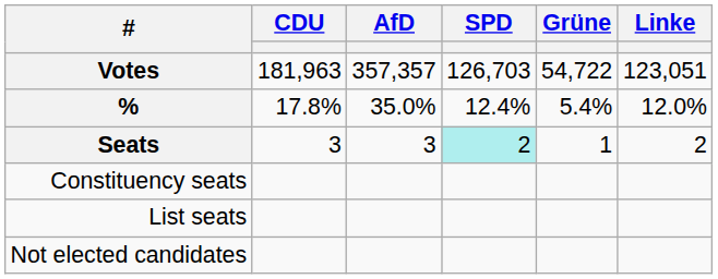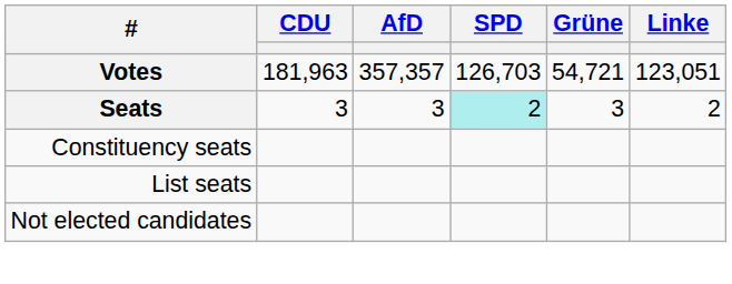 <table class="wikitable" style="text-align:right;vertical-align:top">
 <tr>
 <th rowspan="2">#</th>
 <th class="wikitable sortable"><a href='#'>CDU</a></th>
 <th class="wikitable sortable"><a href='#'>AfD</a></th>
 <th class="wikitable sortable"><a href='#'>SPD</a></th>
 <th class="wikitable sortable"><a href='#'>Grüne</a></th>
 <th class="wikitable sortable"><a href='#'>Linke</a></th>
 </tr>
 <tr>
 <th class="wikitable sortable" style="background:"></th>
 <th class="wikitable sortable" style="background:"></th>
 <th class="wikitable sortable" style="background:"></th>
 <th class="wikitable sortable" style="background:"></th>
 <th class="wikitable sortable" style="background:"></th>
 </tr>
 <tr>
 <th>Votes</th>
 <td>181,963</td>
 <td>357,357</td>
 <td>126,703</td>
-<td>54,722</td>
+<td>54,721</td>
 <td>123,051</td>
-</tr>
-<tr>
-<th>%</th>
-<td>17.8%</td>
-<td>35.0%</td>
-<td>12.4%</td>
-<td>5.4%</td>
-<td>12.0%</td>
 </tr>
 <tr>
 <th>Seats</th>
 <td>3</td>
 <td>3</td>
 <td style="background: paleturquoise;">2</td>
-<td>1</td>
+<td>3</td>
 <td>2</td>
 </tr>
 <tr style="vertical-align:top">
 <td>Constituency seats</td>
 <td></td>
 <td></td>
 <td></td>
 <td></td>
 <td></td>
 </tr>
 <tr style="vertical-align:top">
 <td>List seats</td>
 <td></td>
 <td></td>
 <td></td>
 <td></td>
 <td></td>
 </tr>
 <tr style="vertical-align:top">
 <td>Not elected candidates</td>
 <td><div><br> </div></td>
 <td><div><br>  </div></td>
 <td><div><br> </div></td>
 <td><div><br> </div></td>
 <td><div><br> </div></td>
 </tr>
 </table>
